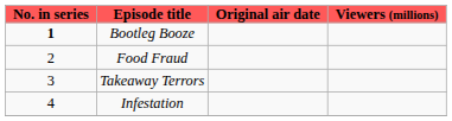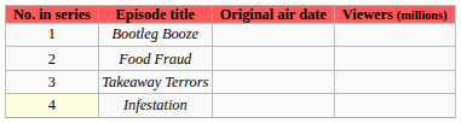 <table class="wikitable" style="text-align:center;">
 <tr>
 <th style="background-color:#FF5959; padding:0 8px;">No. in series</th>
 <th style="background-color:#FF5959; padding:0 8px;">Episode title</th>
 <th style="background-color:#FF5959; padding:0 8px;">Original air date</th>
 <th style="background-color:#FF5959; padding:0 8px;">Viewers <small>(millions)</small></th>
 </tr>
 <tr>
-<td><strong>1</strong></td>
+<td>1</td>
 <td><em>Bootleg Booze</em></td>
 <td></td>
 <td></td>
 </tr>
 <tr>
 <td>2</td>
 <td><em>Food Fraud</em></td>
 <td></td>
 <td></td>
 </tr>
 <tr>
 <td>3</td>
 <td><em>Takeaway Terrors</em></td>
 <td></td>
 <td></td>
 </tr>
 <tr>
-<td>4</td>
+<td style="background: lightyellow;">4</td>
 <td><em>Infestation</em></td>
 <td></td>
 <td></td>
 </tr>
 <tr>
 </tr>
 </table>
